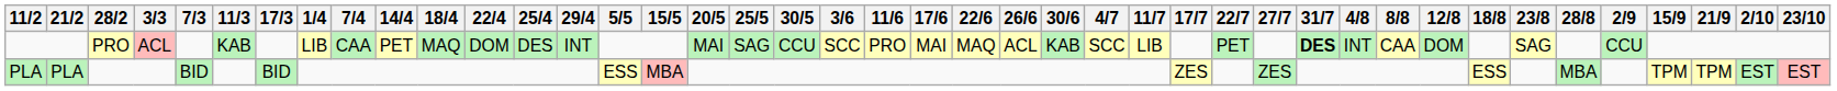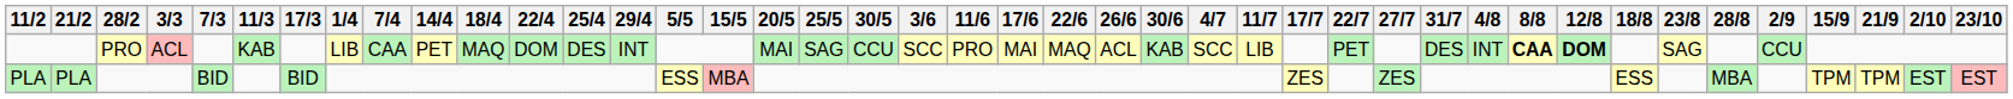 <table class="wikitable" style="font-size: 70%; text-align:center;">
 <tr>
 <th align=center>11/2</th>
 <th align=center>21/2</th>
 <th align=center>28/2</th>
 <th align=center>3/3</th>
 <th align=center>7/3</th>
 <th align=center>11/3</th>
 <th align=center>17/3</th>
 <th align=center>1/4</th>
 <th align=center>7/4</th>
 <th align=center>14/4</th>
 <th align=center>18/4</th>
 <th align=center>22/4</th>
 <th align=center>25/4</th>
 <th align=center>29/4</th>
 <th align=center>5/5</th>
 <th align=center>15/5</th>
 <th align=center>20/5</th>
 <th align=center>25/5</th>
 <th align=center>30/5</th>
 <th align=center>3/6</th>
 <th align=center>11/6</th>
 <th align=center>17/6</th>
 <th align=center>22/6</th>
 <th align=center>26/6</th>
 <th align=center>30/6</th>
 <th align=center>4/7</th>
 <th align=center>11/7</th>
 <th align=center>17/7</th>
 <th align=center>22/7</th>
 <th align=center>27/7</th>
 <th align=center>31/7</th>
 <th align=center>4/8</th>
 <th align=center>8/8</th>
 <th align=center>12/8</th>
 <th align=center>18/8</th>
 <th align=center>23/8</th>
 <th align=center>28/8</th>
 <th align=center>2/9</th>
 <th align=center>15/9</th>
 <th align=center>21/9</th>
 <th align=center>2/10</th>
 <th align=center>23/10</th>
 </tr>
 <tr align=center>
 <td colspan=2></td>
 <td bgcolor=#ffffbb>PRO</td>
 <td bgcolor=#ffbbbb>ACL</td>
 <td></td>
 <td bgcolor=#bbf3bb>KAB</td>
 <td></td>
 <td bgcolor=#ffffbb>LIB</td>
 <td bgcolor=#bbf3bb>CAA</td>
 <td bgcolor=#ffffbb>PET</td>
 <td bgcolor=#bbf3bb>MAQ</td>
 <td bgcolor=#bbf3bb>DOM</td>
 <td bgcolor=#bbf3bb>DES</td>
 <td bgcolor=#bbf3bb>INT</td>
 <td colspan=2></td>
 <td bgcolor=#bbf3bb>MAI</td>
 <td bgcolor=#bbf3bb>SAG</td>
 <td bgcolor=#bbf3bb>CCU</td>
 <td bgcolor=#ffffbb>SCC</td>
 <td bgcolor=#ffffbb>PRO</td>
 <td bgcolor=#ffffbb>MAI</td>
 <td bgcolor=#ffffbb>MAQ</td>
 <td bgcolor=#ffffbb>ACL</td>
 <td bgcolor=#bbf3bb>KAB</td>
 <td bgcolor=#ffffbb>SCC</td>
 <td bgcolor=#ffffbb>LIB</td>
 <td></td>
 <td bgcolor=#bbf3bb>PET</td>
 <td></td>
-<td bgcolor=#bbf3bb><strong>DES</strong></td>
+<td bgcolor=#bbf3bb>DES</td>
 <td bgcolor=#bbf3bb>INT</td>
-<td bgcolor=#ffffbb>CAA</td>
-<td bgcolor=#bbf3bb>DOM</td>
+<td bgcolor=#ffffbb><strong>CAA</strong></td>
+<td bgcolor=#bbf3bb><strong>DOM</strong></td>
 <td></td>
 <td bgcolor=#ffffbb>SAG</td>
 <td></td>
 <td bgcolor=#bbf3bb>CCU</td>
 </tr>
 <tr align=center>
 <td bgcolor=#bbf3bb>PLA</td>
 <td bgcolor=#bbf3bb>PLA</td>
 <td colspan=2></td>
 <td bgcolor=#bbf3bb>BID</td>
 <td></td>
 <td bgcolor=#bbf3bb>BID</td>
 <td colspan=7></td>
 <td bgcolor=#ffffbb>ESS</td>
 <td bgcolor=#ffbbbb>MBA</td>
 <td colspan=11></td>
 <td bgcolor=#ffffbb>ZES</td>
 <td></td>
 <td bgcolor=#bbf3bb>ZES</td>
 <td colspan=4></td>
 <td bgcolor=#ffffbb>ESS</td>
 <td></td>
 <td bgcolor=#bbf3bb>MBA</td>
 <td></td>
 <td bgcolor=#ffffbb>TPM</td>
 <td bgcolor=#ffffbb>TPM</td>
 <td bgcolor=#bbf3bb>EST</td>
 <td bgcolor=#ffbbbb>EST</td>
 </tr>
 </table>
